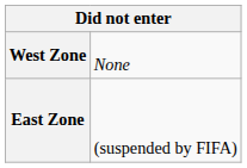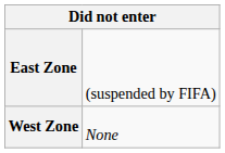 <table class="wikitable collapsible collapsed">
 <tr>
 <th colspan=2>Did not enter</th>
 </tr>
 <tr>
+<th>East Zone</th>
+<td><br><br> <br>  (suspended by FIFA)<br> </td>
+</tr>
+<tr>
 <th>West Zone</th>
 <td><br><em>None</em></td>
 </tr>
-<tr>
-<th>East Zone</th>
-<td><br><br> <br>  (suspended by FIFA)<br> </td>
-</tr>
 </table>
